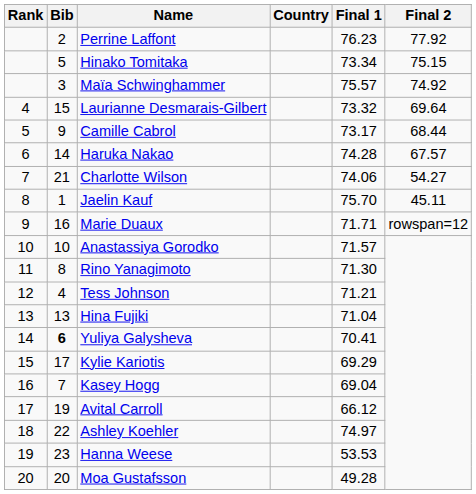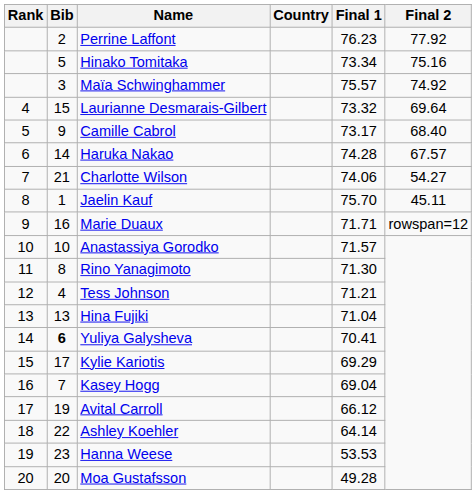 <table class="wikitable sortable" style="text-align:center">
 <tr>
 <th>Rank</th>
 <th>Bib</th>
 <th>Name</th>
 <th>Country</th>
 <th>Final 1</th>
 <th>Final 2</th>
 </tr>
 <tr>
 <td></td>
 <td>2</td>
 <td align=left><a href='#'>Perrine Laffont</a></td>
 <td align=left></td>
 <td>76.23</td>
 <td>77.92</td>
 </tr>
 <tr>
 <td></td>
 <td>5</td>
 <td align=left><a href='#'>Hinako Tomitaka</a></td>
 <td align=left></td>
 <td>73.34</td>
-<td>75.15</td>
+<td>75.16</td>
 </tr>
 <tr>
 <td></td>
 <td>3</td>
 <td align=left><a href='#'>Maïa Schwinghammer</a></td>
 <td align=left></td>
 <td>75.57</td>
 <td>74.92</td>
 </tr>
 <tr>
 <td>4</td>
 <td>15</td>
 <td align=left><a href='#'>Laurianne Desmarais-Gilbert</a></td>
 <td align=left></td>
 <td>73.32</td>
 <td>69.64</td>
 </tr>
 <tr>
 <td>5</td>
 <td>9</td>
 <td align=left><a href='#'>Camille Cabrol</a></td>
 <td align=left></td>
 <td>73.17</td>
-<td>68.44</td>
+<td>68.40</td>
 </tr>
 <tr>
 <td>6</td>
 <td>14</td>
 <td align=left><a href='#'>Haruka Nakao</a></td>
 <td align=left></td>
 <td>74.28</td>
 <td>67.57</td>
 </tr>
 <tr>
 <td>7</td>
 <td>21</td>
 <td align=left><a href='#'>Charlotte Wilson</a></td>
 <td align=left></td>
 <td>74.06</td>
 <td>54.27</td>
 </tr>
 <tr>
 <td>8</td>
 <td>1</td>
 <td align=left><a href='#'>Jaelin Kauf</a></td>
 <td align=left></td>
 <td>75.70</td>
 <td>45.11</td>
 </tr>
 <tr>
 <td>9</td>
 <td>16</td>
 <td align=left><a href='#'>Marie Duaux</a></td>
 <td align=left></td>
 <td>71.71</td>
 <td>rowspan=12 </td>
 </tr>
 <tr>
 <td>10</td>
 <td>10</td>
 <td align=left><a href='#'>Anastassiya Gorodko</a></td>
 <td align=left></td>
 <td>71.57</td>
 </tr>
 <tr>
 <td>11</td>
 <td>8</td>
 <td align=left><a href='#'>Rino Yanagimoto</a></td>
 <td align=left></td>
 <td>71.30</td>
 </tr>
 <tr>
 <td>12</td>
 <td>4</td>
 <td align=left><a href='#'>Tess Johnson</a></td>
 <td align=left></td>
 <td>71.21</td>
 </tr>
 <tr>
 <td>13</td>
 <td>13</td>
 <td align=left><a href='#'>Hina Fujiki</a></td>
 <td align=left></td>
 <td>71.04</td>
 </tr>
 <tr>
 <td>14</td>
 <td><strong>6</strong></td>
 <td align=left><a href='#'>Yuliya Galysheva</a></td>
 <td align=left></td>
 <td>70.41</td>
 </tr>
 <tr>
 <td>15</td>
 <td>17</td>
 <td align=left><a href='#'>Kylie Kariotis</a></td>
 <td align=left></td>
 <td>69.29</td>
 </tr>
 <tr>
 <td>16</td>
 <td>7</td>
 <td align=left><a href='#'>Kasey Hogg</a></td>
 <td align=left></td>
 <td>69.04</td>
 </tr>
 <tr>
 <td>17</td>
 <td>19</td>
 <td align=left><a href='#'>Avital Carroll</a></td>
 <td align=left></td>
 <td>66.12</td>
 </tr>
 <tr>
 <td>18</td>
 <td>22</td>
 <td align=left><a href='#'>Ashley Koehler</a></td>
 <td align=left></td>
-<td>74.97</td>
+<td>64.14</td>
 </tr>
 <tr>
 <td>19</td>
 <td>23</td>
 <td align=left><a href='#'>Hanna Weese</a></td>
 <td align=left></td>
 <td>53.53</td>
 </tr>
 <tr>
 <td>20</td>
 <td>20</td>
 <td align=left><a href='#'>Moa Gustafsson</a></td>
 <td align=left></td>
 <td>49.28</td>
 </tr>
 </table>
